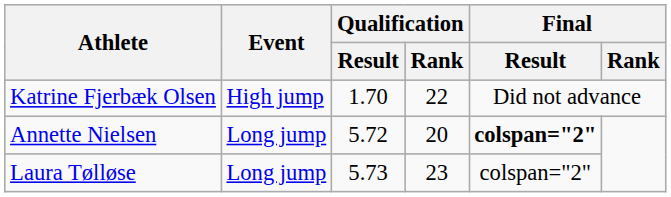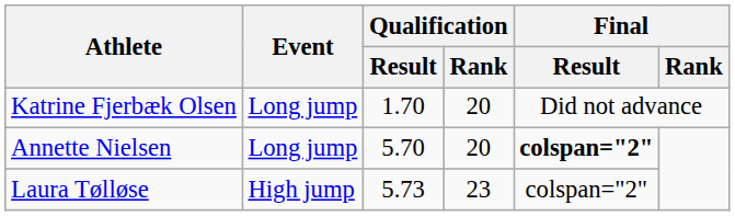 <table class="wikitable" style="font-size:90%; text-align:center">
 <tr>
 <th rowspan="2">Athlete</th>
 <th rowspan="2">Event</th>
 <th colspan="2">Qualification</th>
 <th colspan="2">Final</th>
 </tr>
 <tr>
 <th>Result</th>
 <th>Rank</th>
 <th>Result</th>
 <th>Rank</th>
 </tr>
 <tr>
 <td align="left"><a href='#'>Katrine Fjerbæk Olsen</a></td>
-<td align="left"><a href='#'>High jump</a></td>
+<td align="left"><a href='#'>Long jump</a></td>
 <td>1.70</td>
-<td>22</td>
+<td>20</td>
 <td colspan="2">Did not advance</td>
 </tr>
 <tr>
 <td align="left"><a href='#'>Annette Nielsen</a></td>
 <td align="left"><a href='#'>Long jump</a></td>
-<td>5.72</td>
+<td>5.70</td>
 <td>20</td>
 <td><strong>colspan="2" </strong></td>
 </tr>
 <tr>
 <td align="left"><a href='#'>Laura Tølløse</a></td>
-<td align="left"><a href='#'>Long jump</a></td>
+<td align="left"><a href='#'>High jump</a></td>
 <td>5.73</td>
 <td>23</td>
 <td>colspan="2" </td>
 </tr>
 </table>
